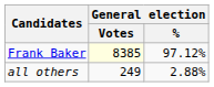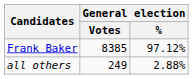 <table class=wikitable>
 <tr>
 <th colspan=1 rowspan=2><strong>Candidates</strong></th>
 <th colspan=2><strong>General election</strong></th>
 </tr>
 <tr>
 <th>Votes</th>
 <th>%</th>
 </tr>
 <tr>
 <td><a href='#'>Frank Baker</a></td>
-<td align="right" style="background: lightyellow;">8385</td>
+<td align="right">8385</td>
 <td align="right">97.12%</td>
 </tr>
 <tr>
 <td><em>all others</em></td>
 <td align="right">249</td>
 <td align="right">2.88%</td>
 </tr>
 </table>
